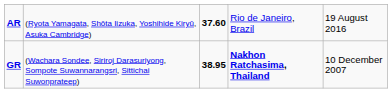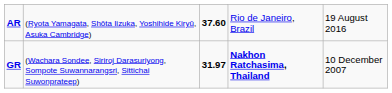 <table class="wikitable" style="font-size:95%; position:relative;">
 <tr>
 <td align=center><strong><a href='#'>AR</a></strong></td>
 <td><br><small>(<a href='#'>Ryota Yamagata</a>, <a href='#'>Shōta Iizuka</a>, <a href='#'>Yoshihide Kiryū</a>, <a href='#'>Asuka Cambridge</a>)</small></td>
 <td><strong>37.60</strong></td>
 <td><a href='#'>Rio de Janeiro</a>, <a href='#'>Brazil</a></td>
 <td>19 August 2016</td>
 </tr>
 <tr>
 <td align=center><strong><a href='#'>GR</a></strong></td>
 <td><br><small>(<a href='#'>Wachara Sondee</a>, <a href='#'>Siriroj Darasuriyong</a>, <a href='#'>Sompote Suwannarangsri</a>, <a href='#'>Sittichai Suwonprateep</a>)</small></td>
-<td><strong>38.95</strong></td>
+<td><strong>31.97</strong></td>
 <td><strong><a href='#'>Nakhon Ratchasima</a>, <a href='#'>Thailand</a></strong></td>
 <td>10 December 2007</td>
 </tr>
 </table>
